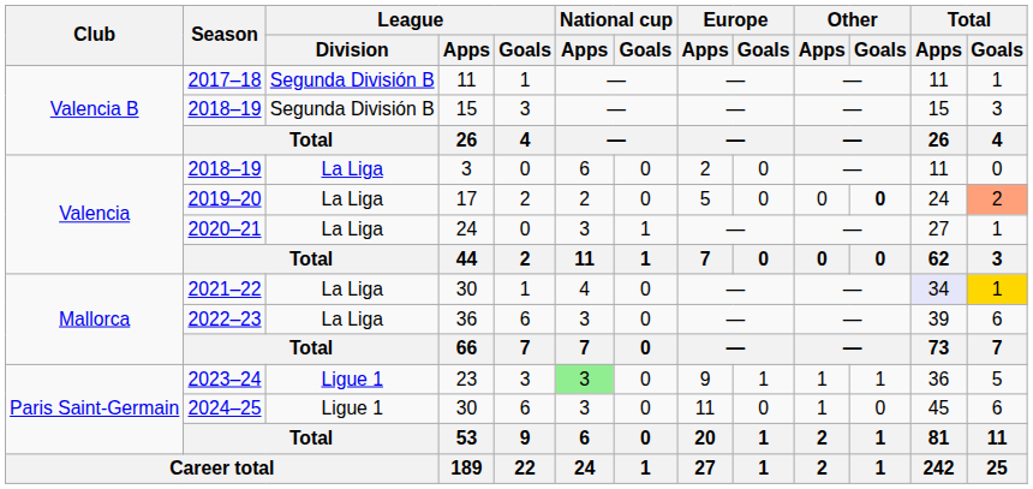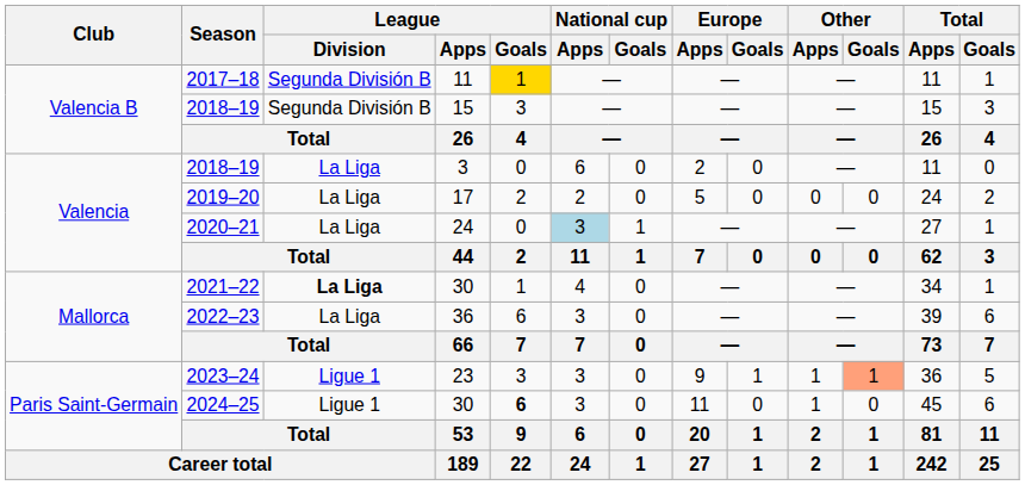 <table class="wikitable" style="text-align:center">
 <tr>
 <th rowspan="2">Club</th>
 <th rowspan="2">Season</th>
 <th colspan="3">League</th>
 <th colspan="2">National cup</th>
 <th colspan="2">Europe</th>
 <th colspan="2">Other</th>
 <th colspan="2">Total</th>
 </tr>
 <tr>
 <th>Division</th>
 <th>Apps</th>
 <th>Goals</th>
 <th>Apps</th>
 <th>Goals</th>
 <th>Apps</th>
 <th>Goals</th>
 <th>Apps</th>
 <th>Goals</th>
 <th>Apps</th>
 <th>Goals</th>
 </tr>
 <tr>
 <td rowspan="3"><a href='#'>Valencia B</a></td>
 <td><a href='#'>2017–18</a></td>
 <td><a href='#'>Segunda División B</a></td>
 <td>11</td>
-<td>1</td>
+<td style="background: gold;">1</td>
 <td colspan="2">—</td>
 <td colspan="2">—</td>
 <td colspan="2">—</td>
 <td>11</td>
 <td>1</td>
 </tr>
 <tr>
 <td><a href='#'>2018–19</a></td>
 <td>Segunda División B</td>
 <td>15</td>
 <td>3</td>
 <td colspan="2">—</td>
 <td colspan="2">—</td>
 <td colspan="2">—</td>
 <td>15</td>
 <td>3</td>
 </tr>
 <tr>
 <th colspan="2">Total</th>
 <th>26</th>
 <th>4</th>
 <th colspan="2">—</th>
 <th colspan="2">—</th>
 <th colspan="2">—</th>
 <th>26</th>
 <th>4</th>
 </tr>
 <tr>
 <td rowspan="4"><a href='#'>Valencia</a></td>
 <td><a href='#'>2018–19</a></td>
 <td><a href='#'>La Liga</a></td>
 <td>3</td>
 <td>0</td>
 <td>6</td>
 <td>0</td>
 <td>2</td>
 <td>0</td>
 <td colspan="2">—</td>
 <td>11</td>
 <td>0</td>
 </tr>
 <tr>
 <td><a href='#'>2019–20</a></td>
 <td>La Liga</td>
 <td>17</td>
 <td>2</td>
 <td>2</td>
 <td>0</td>
 <td>5</td>
 <td>0</td>
 <td>0</td>
-<td><strong>0</strong></td>
+<td>0</td>
 <td>24</td>
-<td style="background: lightsalmon;">2</td>
+<td>2</td>
 </tr>
 <tr>
 <td><a href='#'>2020–21</a></td>
 <td>La Liga</td>
 <td>24</td>
 <td>0</td>
-<td>3</td>
+<td style="background: lightblue;">3</td>
 <td>1</td>
 <td colspan="2">—</td>
 <td colspan="2">—</td>
 <td>27</td>
 <td>1</td>
 </tr>
 <tr>
 <th colspan="2">Total</th>
 <th>44</th>
 <th>2</th>
 <th>11</th>
 <th>1</th>
 <th>7</th>
 <th>0</th>
 <th>0</th>
 <th>0</th>
 <th>62</th>
 <th>3</th>
 </tr>
 <tr>
 <td rowspan="3"><a href='#'>Mallorca</a></td>
 <td><a href='#'>2021–22</a></td>
-<td>La Liga</td>
+<td><strong>La Liga</strong></td>
 <td>30</td>
 <td>1</td>
 <td>4</td>
 <td>0</td>
 <td colspan="2">—</td>
 <td colspan="2">—</td>
-<td style="background: lavender;">34</td>
-<td style="background: gold;">1</td>
+<td>34</td>
+<td>1</td>
 </tr>
 <tr>
 <td><a href='#'>2022–23</a></td>
 <td>La Liga</td>
 <td>36</td>
 <td>6</td>
 <td>3</td>
 <td>0</td>
 <td colspan="2">—</td>
 <td colspan="2">—</td>
 <td>39</td>
 <td>6</td>
 </tr>
 <tr>
 <th colspan="2">Total</th>
 <th>66</th>
 <th>7</th>
 <th>7</th>
 <th>0</th>
 <th colspan="2">—</th>
 <th colspan="2">—</th>
 <th>73</th>
 <th>7</th>
 </tr>
 <tr>
 <td rowspan="3"><a href='#'>Paris Saint-Germain</a></td>
 <td><a href='#'>2023–24</a></td>
 <td><a href='#'>Ligue 1</a></td>
 <td>23</td>
 <td>3</td>
-<td style="background: lightgreen;">3</td>
+<td>3</td>
 <td>0</td>
 <td>9</td>
 <td>1</td>
 <td>1</td>
-<td>1</td>
+<td style="background: lightsalmon;">1</td>
 <td>36</td>
 <td>5</td>
 </tr>
 <tr>
 <td><a href='#'>2024–25</a></td>
 <td>Ligue 1</td>
 <td>30</td>
-<td>6</td>
+<td><strong>6</strong></td>
 <td>3</td>
 <td>0</td>
 <td>11</td>
 <td>0</td>
 <td>1</td>
 <td>0</td>
 <td>45</td>
 <td>6</td>
 </tr>
 <tr>
 <th colspan="2">Total</th>
 <th>53</th>
 <th>9</th>
 <th>6</th>
 <th>0</th>
 <th>20</th>
 <th>1</th>
 <th>2</th>
 <th>1</th>
 <th>81</th>
 <th>11</th>
 </tr>
 <tr>
 <th colspan="3">Career total</th>
 <th>189</th>
 <th>22</th>
 <th>24</th>
 <th>1</th>
 <th>27</th>
 <th>1</th>
 <th>2</th>
 <th>1</th>
 <th>242</th>
 <th>25</th>
 </tr>
 </table>
